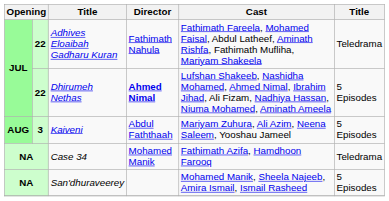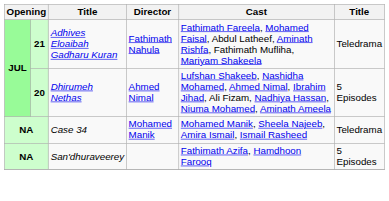 <table class="wikitable plainrowheaders" width="100%">
 <tr>
 <th scope="col" colspan="2" width=4%>Opening</th>
 <th scope="col" width=12%>Title</th>
 <th scope="col" width=14%>Director</th>
 <th scope="col" width=48%>Cast</th>
 <th scope="col" width=8%>Title</th>
 </tr>
 <tr>
 <td rowspan="2" style="text-align:center; background:#98fb98; textcolor:#000;"><strong>JUL</strong></td>
-<td style="text-align:center; textcolor:#000; background:#cdfecd;"><strong>22</strong></td>
+<td style="text-align:center; textcolor:#000; background:#cdfecd;"><strong>21</strong></td>
 <td><em><a href='#'>Adhives Eloaibah Gadharu Kuran</a></em></td>
 <td><a href='#'>Fathimath Nahula</a></td>
 <td><a href='#'>Fathimath Fareela</a>, <a href='#'>Mohamed Faisal</a>, Abdul Latheef, <a href='#'>Aminath Rishfa</a>, Fathimath Mufliha, <a href='#'>Mariyam Shakeela</a></td>
 <td>Teledrama</td>
 </tr>
 <tr>
-<td style="text-align:center; textcolor:#000; background:#cdfecd;"><strong>22</strong></td>
+<td style="text-align:center; textcolor:#000; background:#cdfecd;"><strong>20</strong></td>
 <td><em><a href='#'>Dhirumeh Nethas</a></em></td>
-<td><strong><a href='#'>Ahmed Nimal</a></strong></td>
+<td><a href='#'>Ahmed Nimal</a></td>
 <td><a href='#'>Lufshan Shakeeb</a>, <a href='#'>Nashidha Mohamed</a>, <a href='#'>Ahmed Nimal</a>, <a href='#'>Ibrahim Jihad</a>, Ali Fizam, <a href='#'>Nadhiya Hassan</a>, <a href='#'>Niuma Mohamed</a>, <a href='#'>Aminath Ameela</a></td>
-<td>5 Episodes</td>
-</tr>
-<tr>
-<td style="text-align:center; background:#98fb98; textcolor:#000;"><strong>AUG</strong></td>
-<td style="text-align:center; textcolor:#000; background:#cdfecd;"><strong>3</strong></td>
-<td><em><a href='#'>Kaiveni</a></em></td>
-<td><a href='#'>Abdul Faththaah</a></td>
-<td><a href='#'>Mariyam Zuhura</a>, <a href='#'>Ali Azim</a>, <a href='#'>Neena Saleem</a>, Yooshau Jameel</td>
 <td>5 Episodes</td>
 </tr>
 <tr>
 <td style="text-align:center; textcolor:#000; background:#cdfecd;" colspan="2"><strong>NA</strong></td>
 <td><em>Case 34</em></td>
 <td><a href='#'>Mohamed Manik</a></td>
-<td><a href='#'>Fathimath Azifa</a>, <a href='#'>Hamdhoon Farooq</a></td>
+<td><a href='#'>Mohamed Manik</a>, <a href='#'>Sheela Najeeb</a>, <a href='#'>Amira Ismail</a>, <a href='#'>Ismail Rasheed</a></td>
 <td>Teledrama</td>
 </tr>
 <tr>
 <td style="text-align:center; textcolor:#000; background:#cdfecd;" colspan="2"><strong>NA</strong></td>
 <td><em>San'dhuraveerey</em></td>
 <td></td>
-<td><a href='#'>Mohamed Manik</a>, <a href='#'>Sheela Najeeb</a>, <a href='#'>Amira Ismail</a>, <a href='#'>Ismail Rasheed</a></td>
+<td><a href='#'>Fathimath Azifa</a>, <a href='#'>Hamdhoon Farooq</a></td>
 <td>5 Episodes</td>
 </tr>
 <tr>
 </tr>
 </table>
